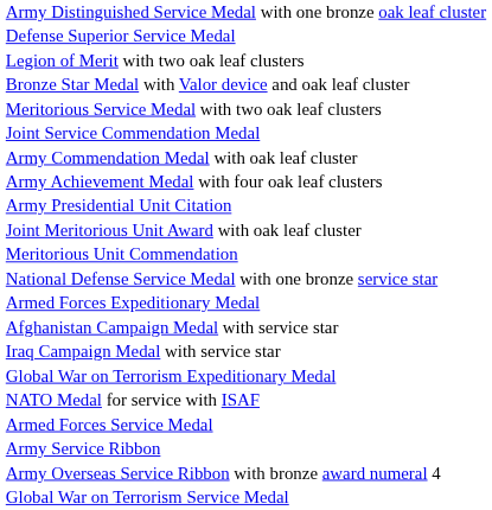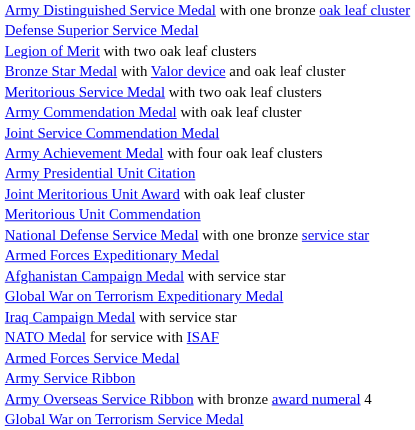 <table>
 <tr>
 <td> <a href='#'>Army Distinguished Service Medal</a> with one bronze <a href='#'>oak leaf cluster</a></td>
 </tr>
 <tr>
 <td> <a href='#'>Defense Superior Service Medal</a></td>
 </tr>
 <tr>
 <td><span></span><span></span> <a href='#'>Legion of Merit</a> with two oak leaf clusters</td>
 </tr>
 <tr>
 <td><span></span><span></span> <a href='#'>Bronze Star Medal</a> with <a href='#'>Valor device</a> and oak leaf cluster</td>
 </tr>
 <tr>
 <td><span></span><span></span> <a href='#'>Meritorious Service Medal</a> with two oak leaf clusters</td>
 </tr>
 <tr>
-<td> <a href='#'>Joint Service Commendation Medal</a></td>
+<td> <a href='#'>Army Commendation Medal</a> with oak leaf cluster</td>
 </tr>
 <tr>
-<td> <a href='#'>Army Commendation Medal</a> with oak leaf cluster</td>
+<td> <a href='#'>Joint Service Commendation Medal</a></td>
 </tr>
 <tr>
 <td><span></span><span></span><span></span><span></span> <a href='#'>Army Achievement Medal</a> with four oak leaf clusters</td>
 </tr>
 <tr>
 <td> <a href='#'>Army Presidential Unit Citation</a></td>
 </tr>
 <tr>
 <td> <a href='#'>Joint Meritorious Unit Award</a> with oak leaf cluster</td>
 </tr>
 <tr>
 <td> <a href='#'>Meritorious Unit Commendation</a></td>
 </tr>
 <tr>
 <td> <a href='#'>National Defense Service Medal</a> with one bronze <a href='#'>service star</a></td>
 </tr>
 <tr>
 <td> <a href='#'>Armed Forces Expeditionary Medal</a></td>
 </tr>
 <tr>
 <td> <a href='#'>Afghanistan Campaign Medal</a> with service star</td>
 </tr>
 <tr>
-<td> <a href='#'>Iraq Campaign Medal</a> with service star</td>
+<td> <a href='#'>Global War on Terrorism Expeditionary Medal</a></td>
 </tr>
 <tr>
-<td> <a href='#'>Global War on Terrorism Expeditionary Medal</a></td>
+<td> <a href='#'>Iraq Campaign Medal</a> with service star</td>
 </tr>
 <tr>
 <td> <a href='#'>NATO Medal</a> for service with <a href='#'>ISAF</a></td>
 </tr>
 <tr>
 <td> <a href='#'>Armed Forces Service Medal</a></td>
 </tr>
 <tr>
 <td> <a href='#'>Army Service Ribbon</a></td>
 </tr>
 <tr>
 <td><span></span> <a href='#'>Army Overseas Service Ribbon</a> with bronze <a href='#'>award numeral</a> 4</td>
 </tr>
 <tr>
 <td> <a href='#'>Global War on Terrorism Service Medal</a></td>
 </tr>
 </table>
